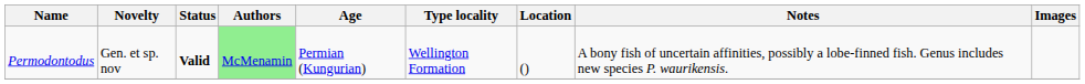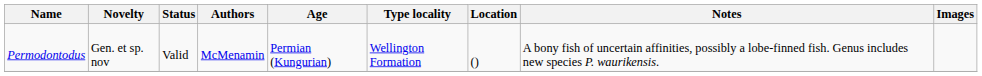 <table class="wikitable sortable" align="center" width="100%">
 <tr>
 <th>Name</th>
 <th>Novelty</th>
 <th>Status</th>
 <th>Authors</th>
 <th>Age</th>
 <th>Type locality</th>
 <th>Location</th>
 <th>Notes</th>
 <th>Images</th>
 </tr>
 <tr>
 <td><br><em><a href='#'>Permodontodus</a></em></td>
 <td><br>Gen. et sp. nov</td>
-<td><strong><br>Valid</strong></td>
-<td style="background: lightgreen;"><br><a href='#'>McMenamin</a></td>
+<td><br>Valid</td>
+<td><br><a href='#'>McMenamin</a></td>
 <td><br><a href='#'>Permian</a> (<a href='#'>Kungurian</a>)</td>
 <td><br><a href='#'>Wellington Formation</a></td>
 <td><br><br>()</td>
 <td><br>A bony fish of uncertain affinities, possibly a lobe-finned fish. Genus includes new species <em>P. waurikensis</em>.</td>
 <td></td>
 </tr>
 <tr>
 </tr>
 </table>
